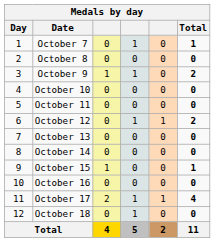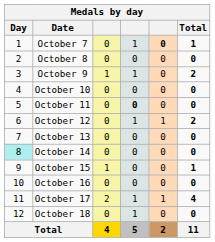 <table class=wikitable style="font-size:90%;text-align:center">
 <tr>
 <th colspan=7><strong>Medals by day</strong></th>
 </tr>
 <tr>
 <th width="30">Day</th>
 <th>Date</th>
 <th width="30" bgcolor="F7F6A8"></th>
 <th width="30" bgcolor="DCE5E5"></th>
 <th width="30" bgcolor="FFDAB9"></th>
 <th width="30">Total</th>
 </tr>
 <tr>
 <td>1</td>
 <td>October 7</td>
 <td bgcolor=F7F6A8>0</td>
 <td bgcolor=DCE5E5>1</td>
-<td bgcolor=FFDAB9>0</td>
+<td bgcolor=FFDAB9><strong>0</strong></td>
 <td><strong>1</strong></td>
 </tr>
 <tr>
 <td>2</td>
 <td>October 8</td>
 <td bgcolor=F7F6A8>0</td>
 <td bgcolor=DCE5E5>0</td>
 <td bgcolor=FFDAB9>0</td>
 <td><strong>0</strong></td>
 </tr>
 <tr>
 <td>3</td>
 <td>October 9</td>
 <td bgcolor=F7F6A8>1</td>
 <td bgcolor=DCE5E5>1</td>
 <td bgcolor=FFDAB9>0</td>
 <td><strong>2</strong></td>
 </tr>
 <tr>
 <td>4</td>
 <td>October 10</td>
 <td bgcolor=F7F6A8>0</td>
 <td bgcolor=DCE5E5>0</td>
 <td bgcolor=FFDAB9>0</td>
 <td><strong>0</strong></td>
 </tr>
 <tr>
 <td>5</td>
 <td>October 11</td>
 <td bgcolor=F7F6A8>0</td>
-<td bgcolor=DCE5E5>0</td>
+<td bgcolor=DCE5E5><strong>0</strong></td>
 <td bgcolor=FFDAB9>0</td>
 <td><strong>0</strong></td>
 </tr>
 <tr>
 <td>6</td>
 <td>October 12</td>
 <td bgcolor=F7F6A8>0</td>
 <td bgcolor=DCE5E5>1</td>
 <td bgcolor=FFDAB9>1</td>
 <td><strong>2</strong></td>
 </tr>
 <tr>
 <td>7</td>
 <td>October 13</td>
 <td bgcolor=F7F6A8>0</td>
 <td bgcolor=DCE5E5>0</td>
 <td bgcolor=FFDAB9>0</td>
 <td><strong>0</strong></td>
 </tr>
 <tr>
-<td>8</td>
+<td style="background: paleturquoise;">8</td>
 <td>October 14</td>
 <td bgcolor=F7F6A8>0</td>
 <td bgcolor=DCE5E5>0</td>
 <td bgcolor=FFDAB9>0</td>
 <td><strong>0</strong></td>
 </tr>
 <tr>
 <td>9</td>
 <td>October 15</td>
 <td bgcolor=F7F6A8>1</td>
 <td bgcolor=DCE5E5>0</td>
 <td bgcolor=FFDAB9>0</td>
 <td><strong>1</strong></td>
 </tr>
 <tr>
 <td>10</td>
 <td>October 16</td>
 <td bgcolor=F7F6A8>0</td>
 <td bgcolor=DCE5E5>0</td>
 <td bgcolor=FFDAB9>0</td>
 <td><strong>0</strong></td>
 </tr>
 <tr>
 <td>11</td>
 <td>October 17</td>
 <td bgcolor=F7F6A8>2</td>
 <td bgcolor=DCE5E5>1</td>
 <td bgcolor=FFDAB9>1</td>
 <td><strong>4</strong></td>
 </tr>
 <tr>
 <td>12</td>
 <td>October 18</td>
 <td bgcolor=F7F6A8>0</td>
 <td bgcolor=DCE5E5>1</td>
 <td bgcolor=FFDAB9>0</td>
 <td><strong>0</strong></td>
 </tr>
 <tr>
 <th colspan="2">Total</th>
 <th style="background:gold">4</th>
 <th style="background:silver">5</th>
 <th style="background:#c96">2</th>
 <th>11</th>
 </tr>
 </table>
